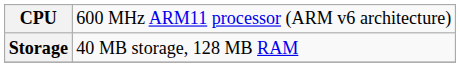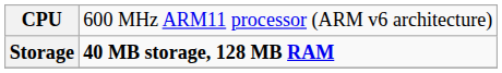 <table class=wikitable>
 <tr>
 <th>CPU</th>
 <td>600 MHz <a href='#'>ARM11</a> <a href='#'>processor</a> (ARM v6 architecture)</td>
 </tr>
 <tr>
 <th>Storage</th>
-<td>40 MB storage, 128 MB <a href='#'>RAM</a></td>
+<td><strong>40 MB storage, 128 MB <a href='#'>RAM</a></strong></td>
 </tr>
 <tr>
 </tr>
 </table>
